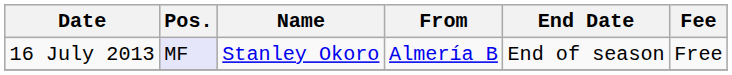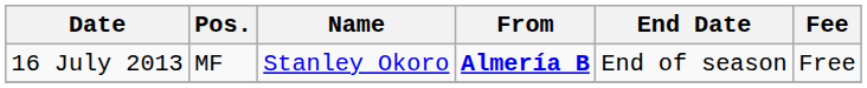 <table class="wikitable">
 <tr>
 <th>Date</th>
 <th>Pos.</th>
 <th>Name</th>
 <th>From</th>
 <th>End Date</th>
 <th>Fee</th>
 </tr>
 <tr>
 <td>16 July 2013</td>
-<td style="background: lavender;">MF</td>
+<td>MF</td>
 <td> <a href='#'>Stanley Okoro</a></td>
-<td> <a href='#'>Almería B</a></td>
+<td><strong> <a href='#'>Almería B</a></strong></td>
 <td>End of season</td>
 <td>Free</td>
 </tr>
 <tr>
 </tr>
 </table>
